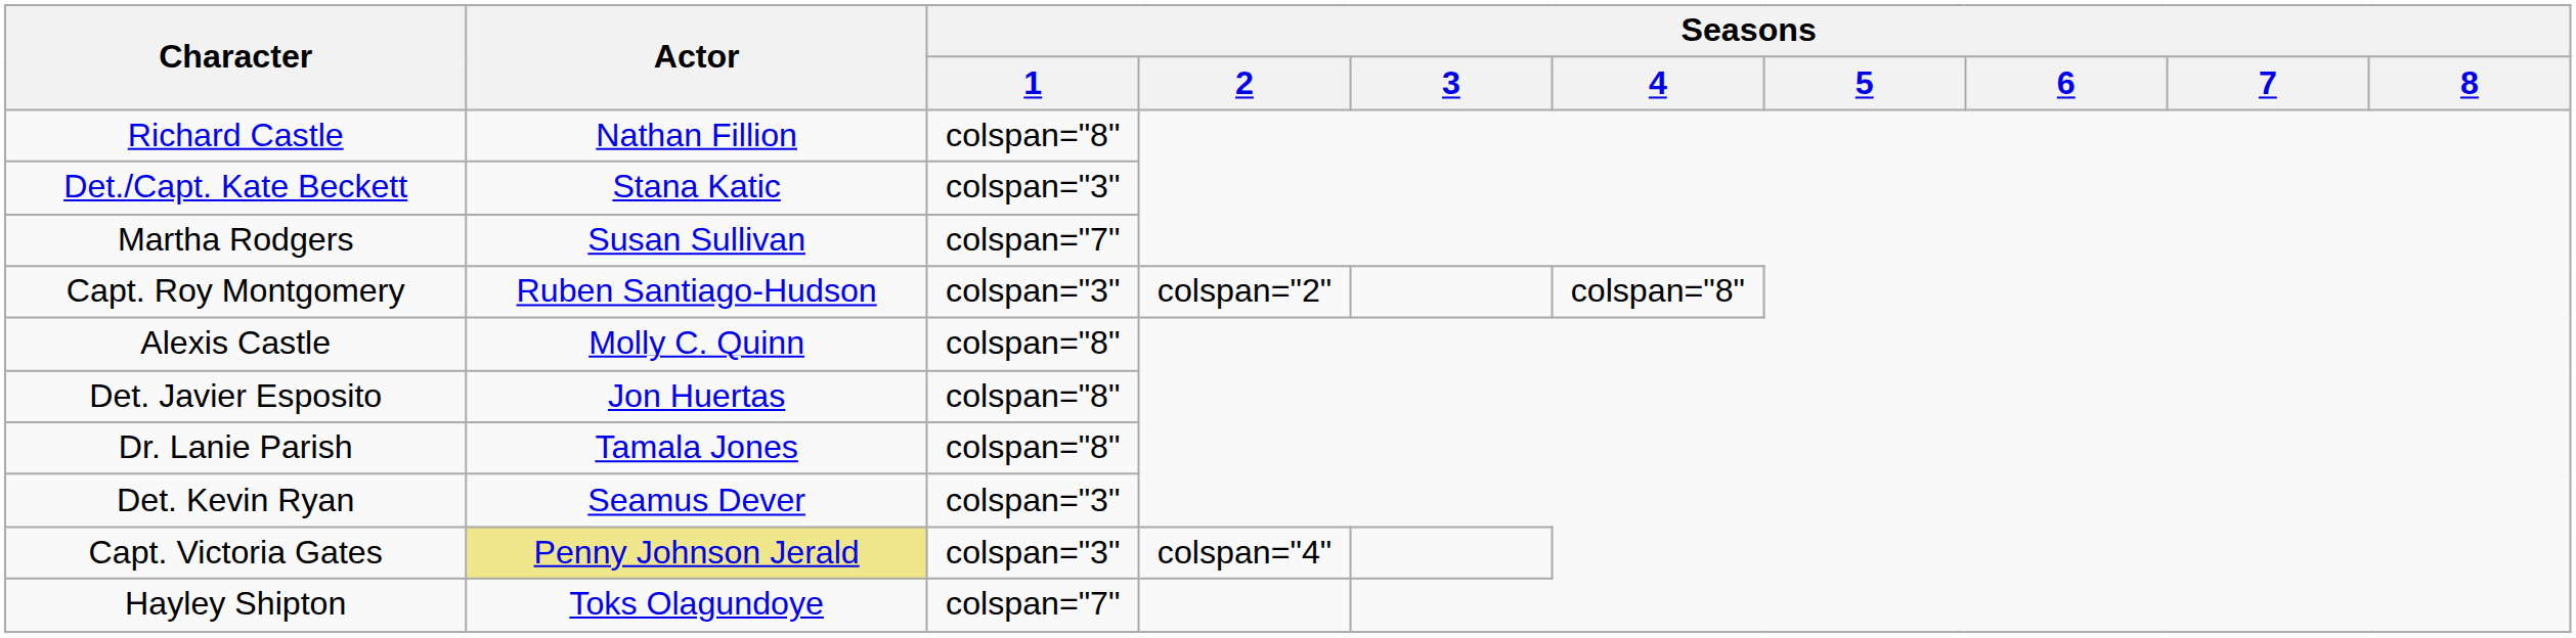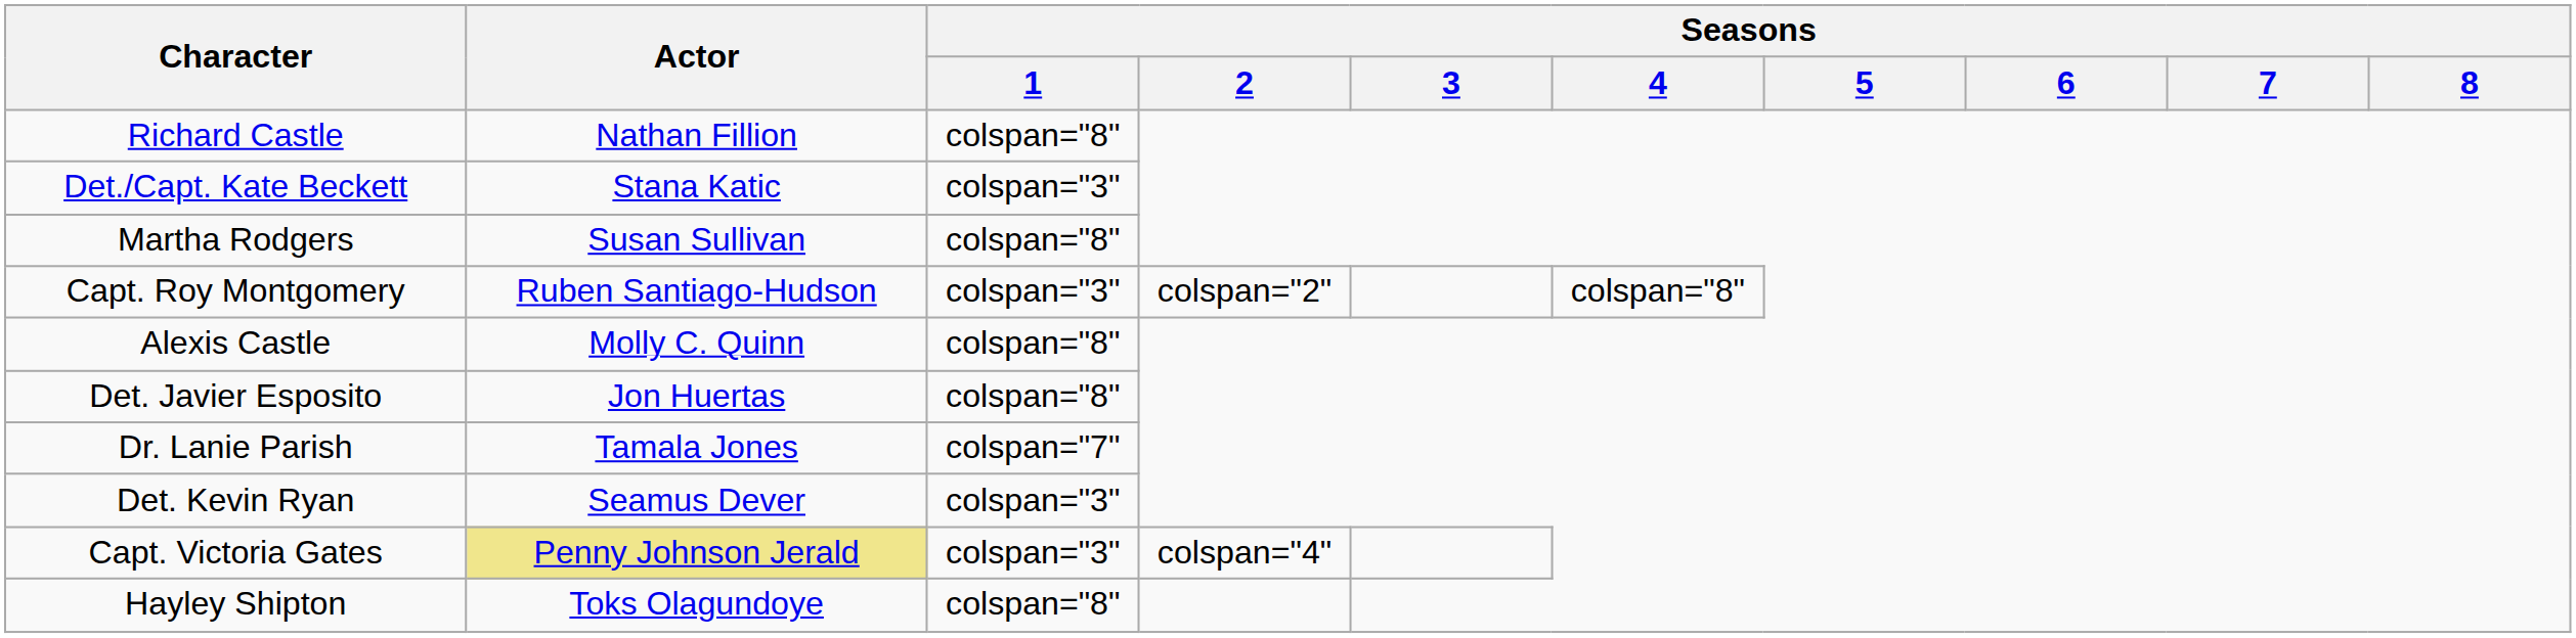 <table class="wikitable plainrowheaders" style="text-align:center">
 <tr>
 <th scope="col" rowspan="2" style="width:16%;">Character</th>
 <th scope="col" rowspan="2" style="width:16%;">Actor</th>
 <th scope="col" colspan="8" style="width:56%;">Seasons</th>
 </tr>
 <tr>
 <th scope="col" style="width:7%;"><a href='#'>1</a></th>
 <th scope="col" style="width:7%;"><a href='#'>2</a></th>
 <th scope="col" style="width:7%;"><a href='#'>3</a></th>
 <th scope="col" style="width:7%;"><a href='#'>4</a></th>
 <th scope="col" style="width:7%;"><a href='#'>5</a></th>
 <th scope="col" style="width:7%;"><a href='#'>6</a></th>
 <th scope="col" style="width:7%;"><a href='#'>7</a></th>
 <th scope="col" style="width:7%;"><a href='#'>8</a></th>
 </tr>
 <tr>
 <td scope="row"><a href='#'>Richard Castle</a></td>
 <td><a href='#'>Nathan Fillion</a></td>
 <td>colspan="8" </td>
 </tr>
 <tr>
 <td scope="row"><a href='#'>Det./Capt. Kate Beckett</a></td>
 <td><a href='#'>Stana Katic</a></td>
 <td>colspan="3" </td>
 </tr>
 <tr>
 <td scope="row">Martha Rodgers</td>
 <td><a href='#'>Susan Sullivan</a></td>
-<td>colspan="7" </td>
+<td>colspan="8" </td>
 </tr>
 <tr>
 <td scope="row">Capt. Roy Montgomery</td>
 <td><a href='#'>Ruben Santiago-Hudson</a></td>
 <td>colspan="3" </td>
 <td>colspan="2" </td>
 <td></td>
 <td>colspan="8" </td>
 </tr>
 <tr>
 <td scope="row">Alexis Castle</td>
 <td><a href='#'>Molly C. Quinn</a></td>
 <td>colspan="8" </td>
 </tr>
 <tr>
 <td scope="row">Det. Javier Esposito</td>
 <td><a href='#'>Jon Huertas</a></td>
 <td>colspan="8" </td>
 </tr>
 <tr>
 <td scope="row">Dr. Lanie Parish</td>
 <td><a href='#'>Tamala Jones</a></td>
-<td>colspan="8" </td>
+<td>colspan="7" </td>
 </tr>
 <tr>
 <td scope="row">Det. Kevin Ryan</td>
 <td><a href='#'>Seamus Dever</a></td>
 <td>colspan="3" </td>
 </tr>
 <tr>
 <td scope="row">Capt. Victoria Gates</td>
 <td style="background: khaki;"><a href='#'>Penny Johnson Jerald</a></td>
 <td>colspan="3" </td>
 <td>colspan="4" </td>
 <td></td>
 </tr>
 <tr>
 <td scope="row">Hayley Shipton</td>
 <td><a href='#'>Toks Olagundoye</a></td>
-<td>colspan="7" </td>
+<td>colspan="8" </td>
 <td></td>
 </tr>
 </table>
